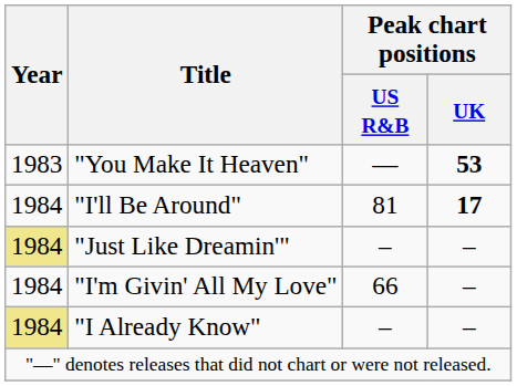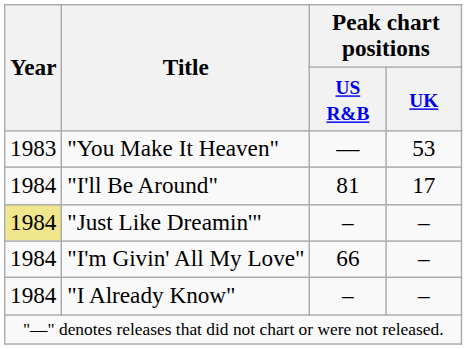 <table class="wikitable">
 <tr>
 <th scope="col" rowspan="2">Year</th>
 <th scope="col" rowspan="2">Title</th>
 <th scope="col" colspan="3">Peak chart positions</th>
 </tr>
 <tr>
 <th style="width:45px;"><small><a href='#'>US R&B</a></small></th>
 <th style="width:45px;"><small><a href='#'>UK</a></small></th>
 </tr>
 <tr>
 <td rowspan="1">1983</td>
 <td>"You Make It Heaven"</td>
 <td align=center>—</td>
-<td align=center><strong>53</strong></td>
+<td align=center>53</td>
 </tr>
 <tr>
 <td rowspan="1">1984</td>
 <td>"I'll Be Around"</td>
 <td align=center>81</td>
-<td align=center><strong>17</strong></td>
+<td align=center>17</td>
 </tr>
 <tr>
 <td rowspan="1" style="background: khaki;">1984</td>
 <td>"Just Like Dreamin'"</td>
 <td align=center>–</td>
 <td align=center>–</td>
 </tr>
 <tr>
 <td rowspan="1">1984</td>
 <td>"I'm Givin' All My Love"</td>
 <td align=center>66</td>
 <td align=center>–</td>
 </tr>
 <tr>
-<td rowspan="1" style="background: khaki;">1984</td>
+<td rowspan="1">1984</td>
 <td>"I Already Know"</td>
 <td align=center>–</td>
 <td align=center>–</td>
 </tr>
 <tr>
 <td colspan="4" style="text-align:center; font-size:9pt;">"—" denotes releases that did not chart or were not released.</td>
 </tr>
 </table>
